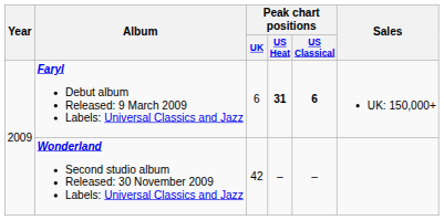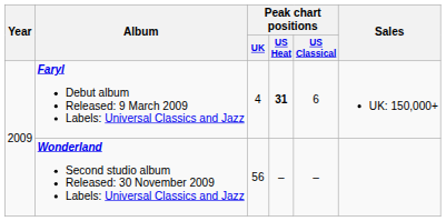 <table class=wikitable style=text-align:center;>
 <tr>
 <th rowspan=2>Year</th>
 <th rowspan=2>Album</th>
 <th colspan=3>Peak chart positions</th>
 <th rowspan=2>Sales</th>
 </tr>
 <tr style=font-size:smaller;>
 <th width=25><a href='#'>UK</a></th>
 <th width=25><a href='#'>US<br>Heat</a></th>
 <th width=25><a href='#'>US<br>Classical</a></th>
 </tr>
 <tr>
 <td rowspan=2>2009</td>
 <td align=left><strong><em><a href='#'>Faryl</a></em></strong><br><ul><li>Debut album</li><li>Released: 9 March 2009</li><li>Labels: <a href='#'>Universal Classics and Jazz</a></li></ul></td>
+<td>4</td>
+<td><strong>31</strong></td>
 <td>6</td>
-<td><strong>31</strong></td>
-<td><strong>6</strong></td>
 <td align=left><br><ul><li>UK: 150,000+</li></ul></td>
 </tr>
 <tr>
 <td align=left><strong><em><a href='#'>Wonderland</a></em></strong><br><ul><li>Second studio album</li><li>Released: 30 November 2009</li><li>Labels: <a href='#'>Universal Classics and Jazz</a></li></ul></td>
-<td>42</td>
+<td>56</td>
 <td>–</td>
 <td>–</td>
 <td align=left></td>
 </tr>
 </table>
